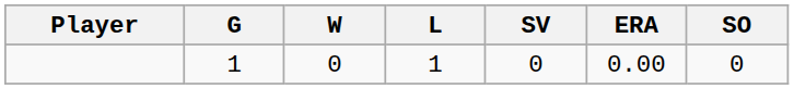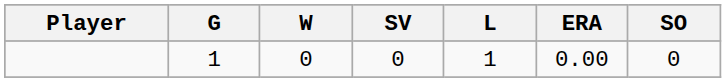 <table class="wikitable sortable">
 <tr>
 <th bgcolor="#DDDDFF" width="16%">Player</th>
 <th bgcolor="#DDDDFF" width="9%">G</th>
 <th bgcolor="#DDDDFF" width="9%">W</th>
+<th bgcolor="#DDDDFF" width="9%">SV</th>
 <th bgcolor="#DDDDFF" width="9%">L</th>
-<th bgcolor="#DDDDFF" width="9%">SV</th>
 <th bgcolor="#DDDDFF" width="9%">ERA</th>
 <th bgcolor="#DDDDFF" width="9%">SO</th>
 </tr>
 <tr align="center">
 <td></td>
 <td>1</td>
 <td>0</td>
+<td>0</td>
 <td>1</td>
-<td>0</td>
 <td>0.00</td>
 <td>0</td>
 </tr>
 </table>
